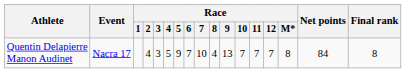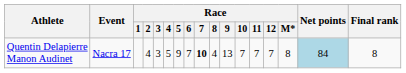 <table class="wikitable" style="font-size:90%">
 <tr>
 <th rowspan="2">Athlete</th>
 <th rowspan="2">Event</th>
 <th colspan=13>Race</th>
 <th rowspan=2>Net points</th>
 <th rowspan=2>Final rank</th>
 </tr>
 <tr style="font-size:95%">
 <th>1</th>
 <th>2</th>
 <th>3</th>
 <th>4</th>
 <th>5</th>
 <th>6</th>
 <th>7</th>
 <th>8</th>
 <th>9</th>
 <th>10</th>
 <th>11</th>
 <th>12</th>
 <th>M*</th>
 </tr>
 <tr align=center>
 <td align=left><a href='#'>Quentin Delapierre</a><br><a href='#'>Manon Audinet</a></td>
 <td align=left><a href='#'>Nacra 17</a></td>
 <td></td>
 <td>4</td>
 <td>3</td>
 <td>5</td>
 <td>9</td>
 <td>7</td>
-<td>10</td>
+<td><strong>10</strong></td>
 <td>4</td>
 <td>13</td>
 <td>7</td>
 <td>7</td>
 <td>7</td>
 <td>8</td>
-<td>84</td>
+<td style="background: lightblue;">84</td>
 <td>8</td>
 </tr>
 </table>
